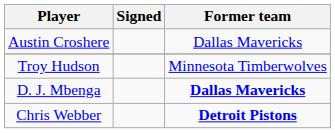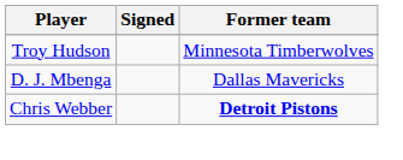 <table class="wikitable sortable sortable" style="text-align: center">
 <tr>
 <th>Player</th>
 <th>Signed</th>
 <th>Former team</th>
-</tr>
-<tr style="text-align: center">
-<td><a href='#'>Austin Croshere</a></td>
-<td></td>
-<td><a href='#'>Dallas Mavericks</a></td>
 </tr>
 <tr style="text-align: center">
 </tr>
 <tr style="text-align: center">
 <td><a href='#'>Troy Hudson</a></td>
 <td></td>
 <td><a href='#'>Minnesota Timberwolves</a></td>
 </tr>
 <tr style="text-align: center">
 <td><a href='#'>D. J. Mbenga</a></td>
 <td></td>
-<td><strong><a href='#'>Dallas Mavericks</a></strong></td>
+<td><a href='#'>Dallas Mavericks</a></td>
 </tr>
 <tr style="text-align: center">
 <td><a href='#'>Chris Webber</a></td>
 <td></td>
 <td><strong><a href='#'>Detroit Pistons</a></strong></td>
 </tr>
 </table>
